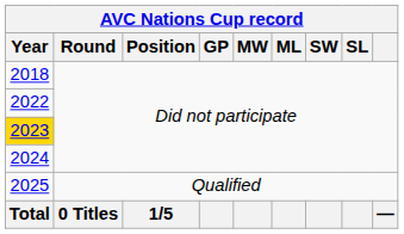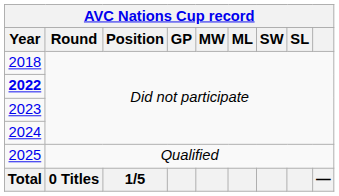 <table class="wikitable" style="text-align: center;">
 <tr>
 <th colspan=9><a href='#'>AVC Nations Cup record</a></th>
 </tr>
 <tr>
 <th>Year</th>
 <th>Round</th>
 <th>Position</th>
 <th>GP</th>
 <th>MW</th>
 <th>ML</th>
 <th>SW</th>
 <th>SL</th>
 <th></th>
 </tr>
 <tr>
 <td> <a href='#'>2018</a></td>
 <td colspan=8 rowspan=4><em>Did not participate</em></td>
 </tr>
 <tr>
-<td> <a href='#'>2022</a></td>
+<td><strong> <a href='#'>2022</a></strong></td>
 </tr>
 <tr>
-<td style="background: gold;"> <a href='#'>2023</a></td>
+<td> <a href='#'>2023</a></td>
 </tr>
 <tr>
 <td> <a href='#'>2024</a></td>
 </tr>
 <tr>
 <td> <a href='#'>2025</a></td>
 <td colspan=8><em>Qualified</em></td>
 </tr>
 <tr>
 <th>Total</th>
 <th>0 Titles</th>
 <th>1/5</th>
 <th></th>
 <th></th>
 <th></th>
 <th></th>
 <th></th>
 <th>—</th>
 </tr>
 </table>
